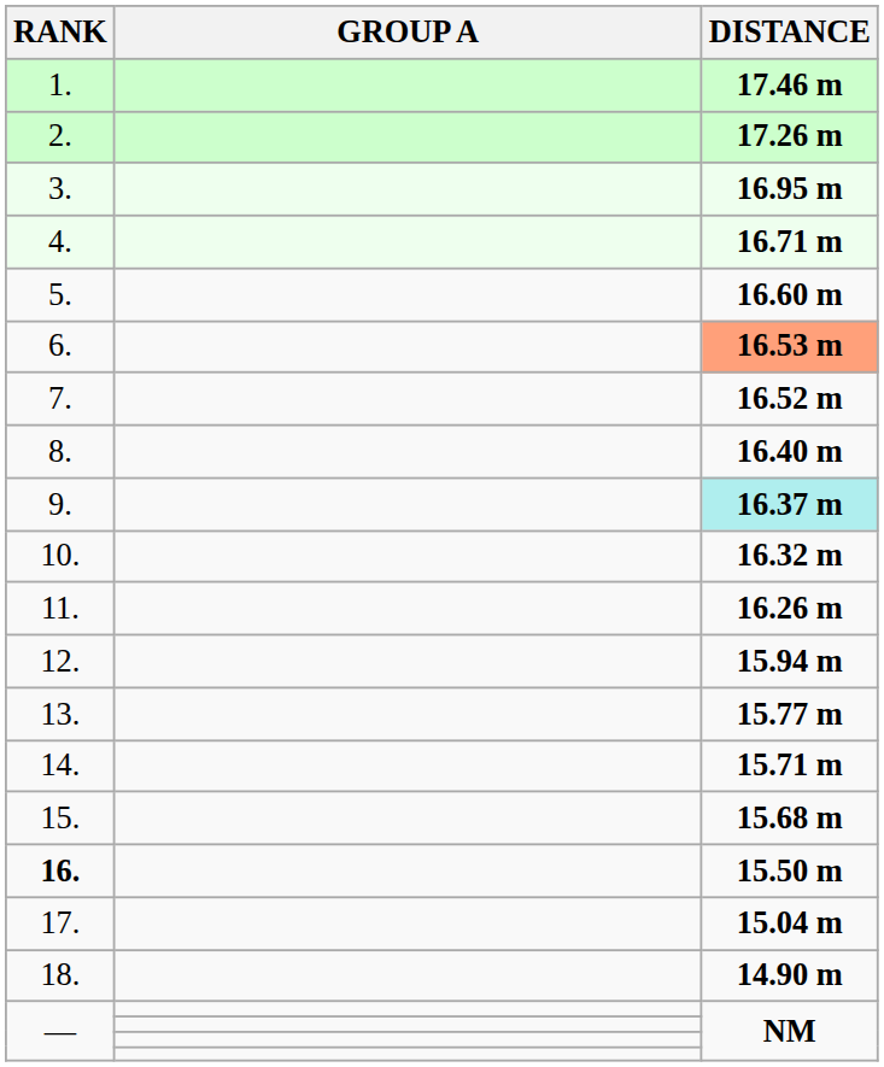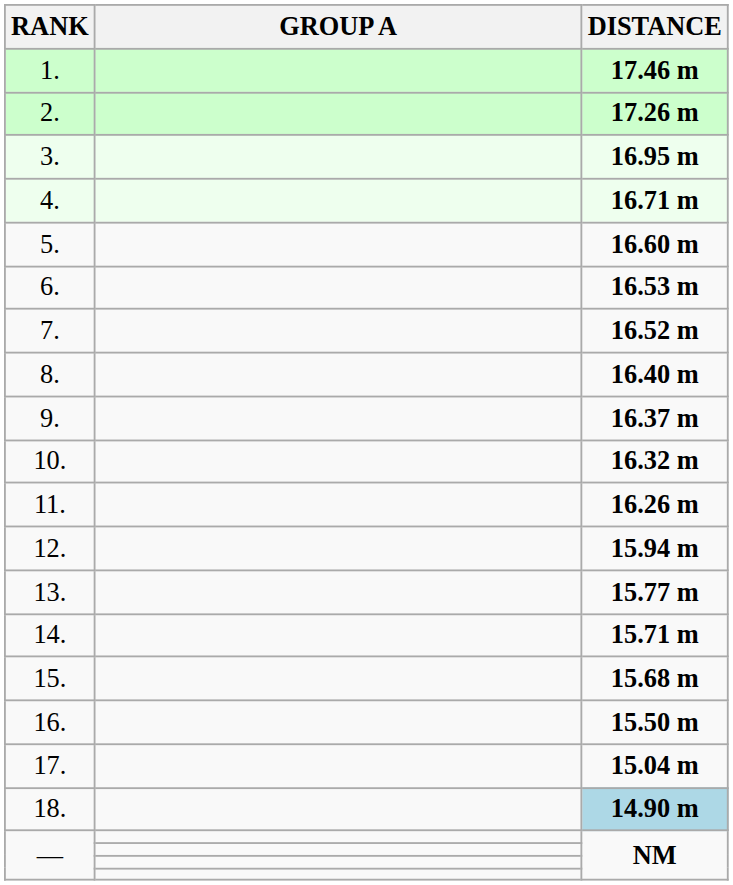 <table class="wikitable" style="border-collapse: collapse; font-size: 90%;">
 <tr>
 <th>RANK</th>
 <th align="center" style="width: 18em">GROUP A</th>
 <th>DISTANCE</th>
 </tr>
 <tr bgcolor=#CCFFCC>
 <td align="center">1.</td>
 <td></td>
 <td align="center"><strong>17.46 m </strong></td>
 </tr>
 <tr bgcolor=#CCFFCC>
 <td align="center">2.</td>
 <td></td>
 <td align="center"><strong>17.26 m </strong></td>
 </tr>
 <tr bgcolor=#EEFFEE>
 <td align="center">3.</td>
 <td></td>
 <td align="center"><strong>16.95 m </strong></td>
 </tr>
 <tr bgcolor=#EEFFEE>
 <td align="center">4.</td>
 <td></td>
 <td align="center"><strong>16.71 m </strong></td>
 </tr>
 <tr>
 <td align="center">5.</td>
 <td></td>
 <td align="center"><strong>16.60 m </strong></td>
 </tr>
 <tr>
 <td align="center">6.</td>
 <td></td>
-<td align="center" style="background: lightsalmon;"><strong>16.53 m </strong></td>
+<td align="center"><strong>16.53 m </strong></td>
 </tr>
 <tr>
 <td align="center">7.</td>
 <td></td>
 <td align="center"><strong>16.52 m </strong></td>
 </tr>
 <tr>
 <td align="center">8.</td>
 <td></td>
 <td align="center"><strong>16.40 m </strong></td>
 </tr>
 <tr>
 <td align="center">9.</td>
 <td></td>
-<td align="center" style="background: paleturquoise;"><strong>16.37 m </strong></td>
+<td align="center"><strong>16.37 m </strong></td>
 </tr>
 <tr>
 <td align="center">10.</td>
 <td></td>
 <td align="center"><strong>16.32 m </strong></td>
 </tr>
 <tr>
 <td align="center">11.</td>
 <td></td>
 <td align="center"><strong>16.26 m </strong></td>
 </tr>
 <tr>
 <td align="center">12.</td>
 <td></td>
 <td align="center"><strong>15.94 m </strong></td>
 </tr>
 <tr>
 <td align="center">13.</td>
 <td></td>
 <td align="center"><strong>15.77 m </strong></td>
 </tr>
 <tr>
 <td align="center">14.</td>
 <td></td>
 <td align="center"><strong>15.71 m </strong></td>
 </tr>
 <tr>
 <td align="center">15.</td>
 <td></td>
 <td align="center"><strong>15.68 m </strong></td>
 </tr>
 <tr>
-<td align="center"><strong>16.</strong></td>
+<td align="center">16.</td>
 <td></td>
 <td align="center"><strong>15.50 m </strong></td>
 </tr>
 <tr>
 <td align="center">17.</td>
 <td></td>
 <td align="center"><strong>15.04 m </strong></td>
 </tr>
 <tr>
 <td align="center">18.</td>
 <td></td>
-<td align="center"><strong>14.90 m </strong></td>
+<td align="center" style="background: lightblue;"><strong>14.90 m </strong></td>
 </tr>
 <tr>
 <td rowspan=4 align="center">—</td>
 <td></td>
 <td rowspan=4 align="center"><strong>NM</strong></td>
 </tr>
 <tr>
 <td></td>
 </tr>
 <tr>
 <td></td>
 </tr>
 <tr>
 <td></td>
 </tr>
 </table>
